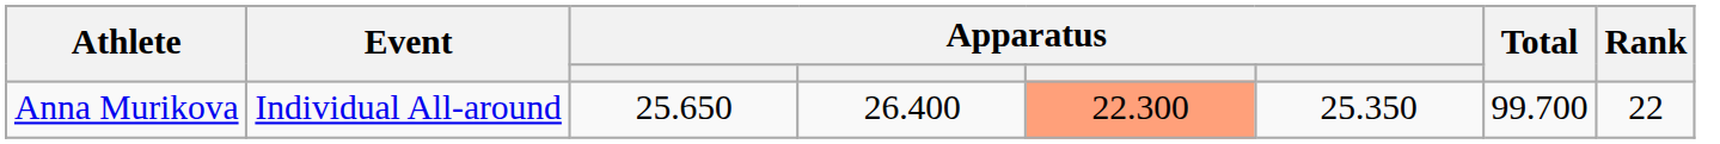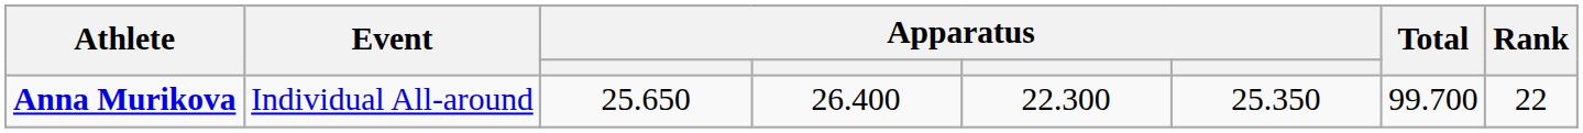 <table class="wikitable" style="font-size:90%; text-align:center">
 <tr>
 <th rowspan="2">Athlete</th>
 <th rowspan="2">Event</th>
 <th colspan="4">Apparatus</th>
 <th rowspan="2">Total</th>
 <th rowspan="2">Rank</th>
 </tr>
 <tr>
 <th style="width:6em"></th>
 <th style="width:6em"></th>
 <th style="width:6em"></th>
 <th style="width:6em"></th>
 </tr>
 <tr>
-<td align="left"><a href='#'>Anna Murikova</a></td>
+<td align="left"><strong><a href='#'>Anna Murikova</a></strong></td>
 <td align="left"><a href='#'>Individual All-around</a></td>
 <td>25.650</td>
 <td>26.400</td>
-<td style="background: lightsalmon;">22.300</td>
+<td>22.300</td>
 <td>25.350</td>
 <td>99.700</td>
 <td>22</td>
 </tr>
 </table>
